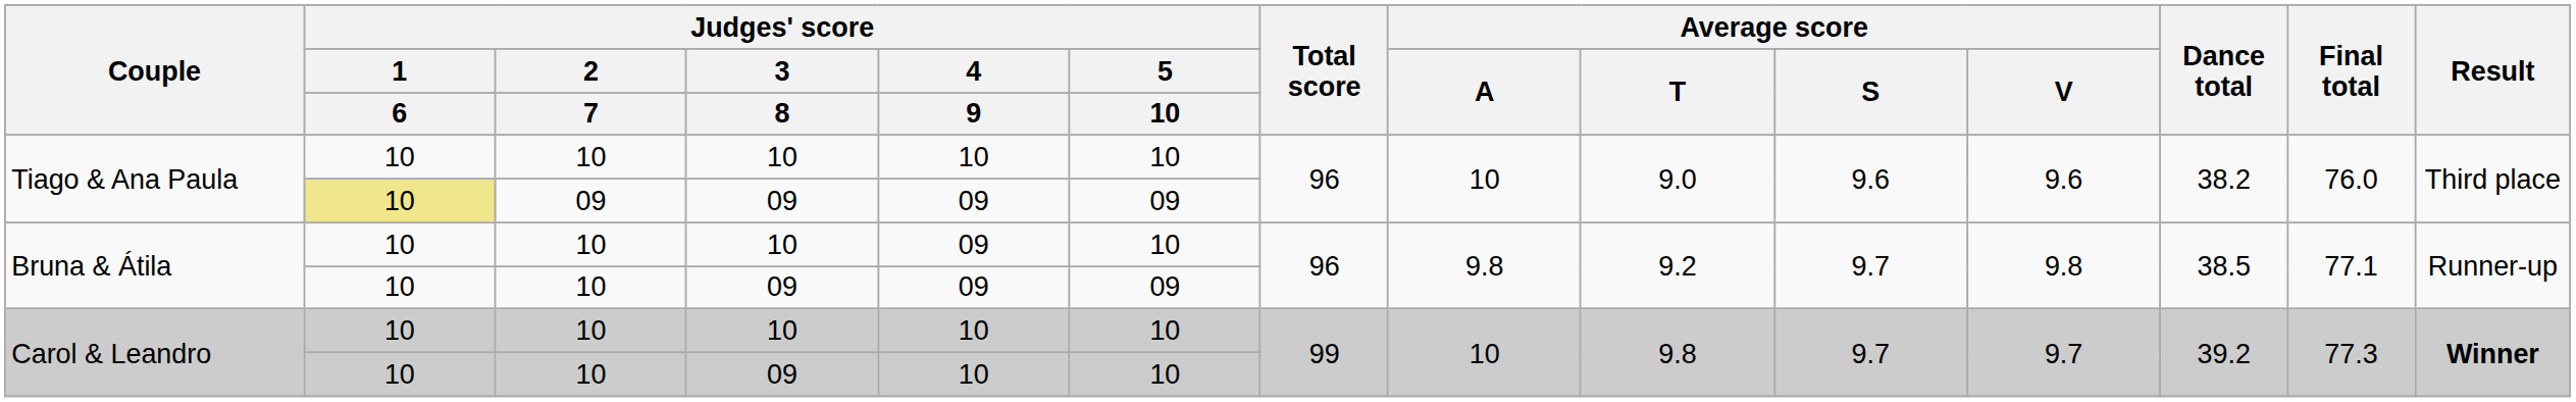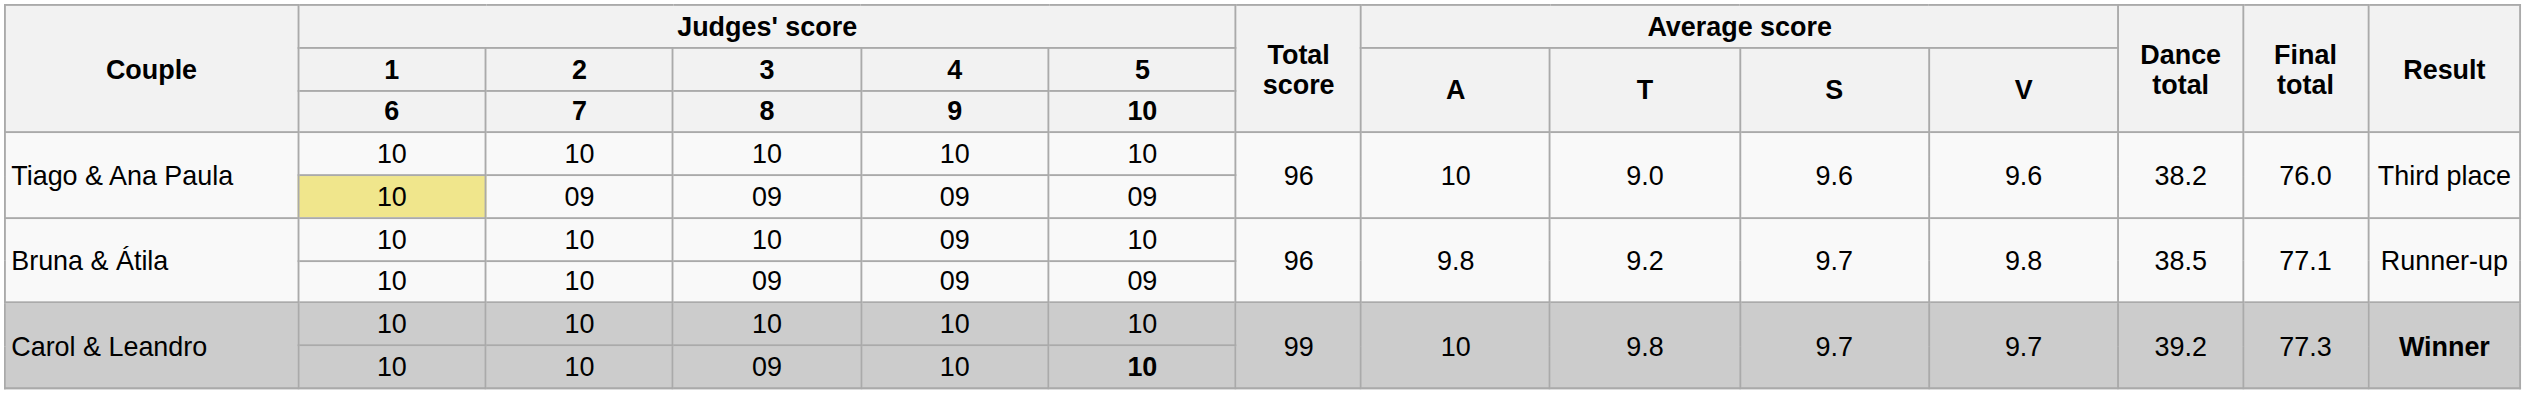 <table class="wikitable" style="font-size:90%; line-height:16px; text-align:center" width="85%">
 <tr>
 <th rowspan=3 width=150>Couple</th>
 <th colspan=5 width=185>Judges' score</th>
 <th rowspan=3 width=060>Total score</th>
 <th colspan=4 width=148>Average score</th>
 <th rowspan=3 width=060>Dance total</th>
 <th rowspan=3 width=060>Final total</th>
 <th rowspan=3 width=075>Result</th>
 </tr>
 <tr>
 <th>1</th>
 <th>2</th>
 <th>3</th>
 <th>4</th>
 <th>5</th>
 <th rowspan=2>A</th>
 <th rowspan=2>T</th>
 <th rowspan=2>S</th>
 <th rowspan=2>V</th>
 </tr>
 <tr>
 <th>6</th>
 <th>7</th>
 <th>8</th>
 <th>9</th>
 <th>10</th>
 </tr>
 <tr>
 <td rowspan=2 align="left">Tiago & Ana Paula</td>
 <td>10</td>
 <td>10</td>
 <td>10</td>
 <td>10</td>
 <td>10</td>
 <td rowspan=2>96</td>
 <td rowspan=2>10</td>
 <td rowspan=2>9.0</td>
 <td rowspan=2>9.6</td>
 <td rowspan=2>9.6</td>
 <td rowspan=2>38.2</td>
 <td rowspan=2>76.0</td>
 <td rowspan=2>Third place</td>
 </tr>
 <tr>
 <td style="background: khaki;">10</td>
 <td>09</td>
 <td>09</td>
 <td>09</td>
 <td>09</td>
 </tr>
 <tr>
 <td rowspan=2 align="left">Bruna & Átila</td>
 <td>10</td>
 <td>10</td>
 <td>10</td>
 <td>09</td>
 <td>10</td>
 <td rowspan=2>96</td>
 <td rowspan=2>9.8</td>
 <td rowspan=2>9.2</td>
 <td rowspan=2>9.7</td>
 <td rowspan=2>9.8</td>
 <td rowspan=2>38.5</td>
 <td rowspan=2>77.1</td>
 <td rowspan=2>Runner-up</td>
 </tr>
 <tr>
 <td>10</td>
 <td>10</td>
 <td>09</td>
 <td>09</td>
 <td>09</td>
 </tr>
 <tr bgcolor="CCCCCC">
 <td rowspan=2 align="left">Carol & Leandro</td>
 <td>10</td>
 <td>10</td>
 <td>10</td>
 <td>10</td>
 <td>10</td>
 <td rowspan=2>99</td>
 <td rowspan=2>10</td>
 <td rowspan=2>9.8</td>
 <td rowspan=2>9.7</td>
 <td rowspan=2>9.7</td>
 <td rowspan=2>39.2</td>
 <td rowspan=2>77.3</td>
 <td rowspan=2><strong>Winner</strong></td>
 </tr>
 <tr bgcolor="CCCCCC">
 <td>10</td>
 <td>10</td>
 <td>09</td>
 <td>10</td>
-<td>10</td>
+<td><strong>10</strong></td>
 </tr>
 <tr>
 </tr>
 </table>
